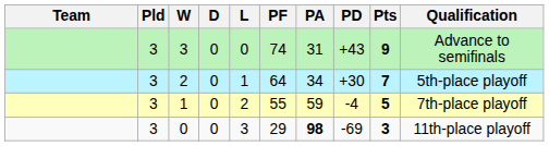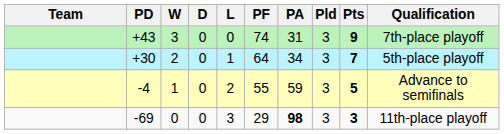 <table class="wikitable" style="text-align:center;">
 <tr>
 <th width=135>Team</th>
-<th width=25 abbr="Played">Pld</th>
+<th width=32 abbr="Points difference">PD</th>
 <th width=25 abbr="Won">W</th>
 <th width=25 abbr="Drawn">D</th>
 <th width=25 abbr="Lost">L</th>
 <th width=32 abbr="Points for">PF</th>
 <th width=32 abbr="Points against">PA</th>
-<th width=32 abbr="Points difference">PD</th>
+<th width=25 abbr="Played">Pld</th>
 <th width=25 abbr="Points">Pts</th>
 <th width=145>Qualification</th>
 </tr>
 <tr style="background:#BBF3BB;">
 <td align=left></td>
-<td>3</td>
+<td>+43</td>
 <td>3</td>
 <td>0</td>
 <td>0</td>
 <td>74</td>
 <td>31</td>
-<td>+43</td>
+<td>3</td>
 <td><strong>9</strong></td>
-<td>Advance to semifinals</td>
+<td>7th-place playoff</td>
 </tr>
 <tr style="background:#BBF3FF;">
 <td align=left></td>
-<td>3</td>
+<td>+30</td>
 <td>2</td>
 <td>0</td>
 <td>1</td>
 <td>64</td>
 <td>34</td>
-<td>+30</td>
+<td>3</td>
 <td><strong>7</strong></td>
 <td>5th-place playoff</td>
 </tr>
 <tr style="background:#FFFFBB;">
 <td align=left></td>
-<td>3</td>
+<td>-4</td>
 <td>1</td>
 <td>0</td>
 <td>2</td>
 <td>55</td>
 <td>59</td>
-<td>-4</td>
+<td>3</td>
 <td><strong>5</strong></td>
-<td>7th-place playoff</td>
+<td>Advance to semifinals</td>
 </tr>
 <tr>
 <td align=left></td>
-<td>3</td>
+<td>-69</td>
 <td>0</td>
 <td>0</td>
 <td>3</td>
 <td>29</td>
 <td><strong>98</strong></td>
-<td>-69</td>
+<td>3</td>
 <td><strong>3</strong></td>
 <td>11th-place playoff</td>
 </tr>
 </table>
